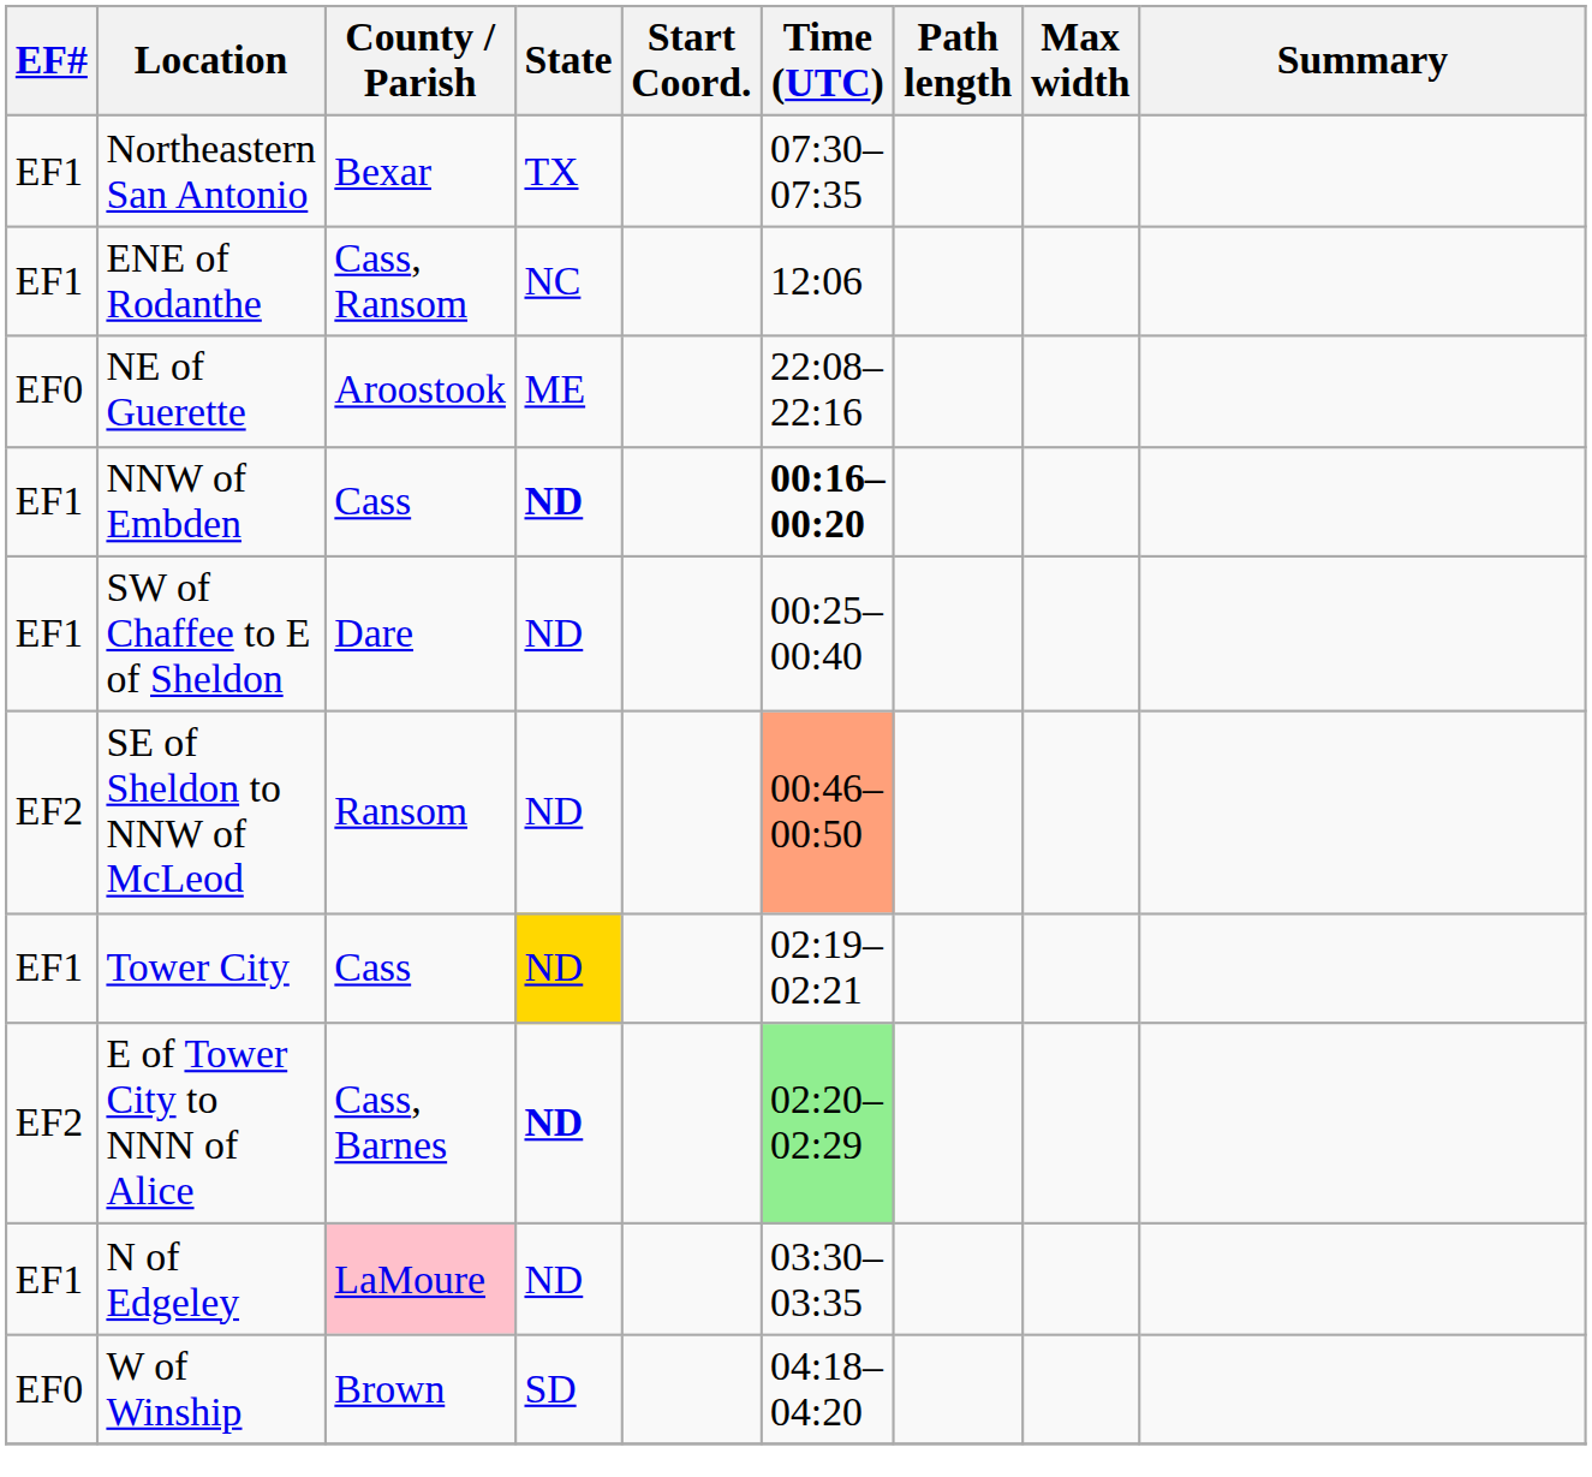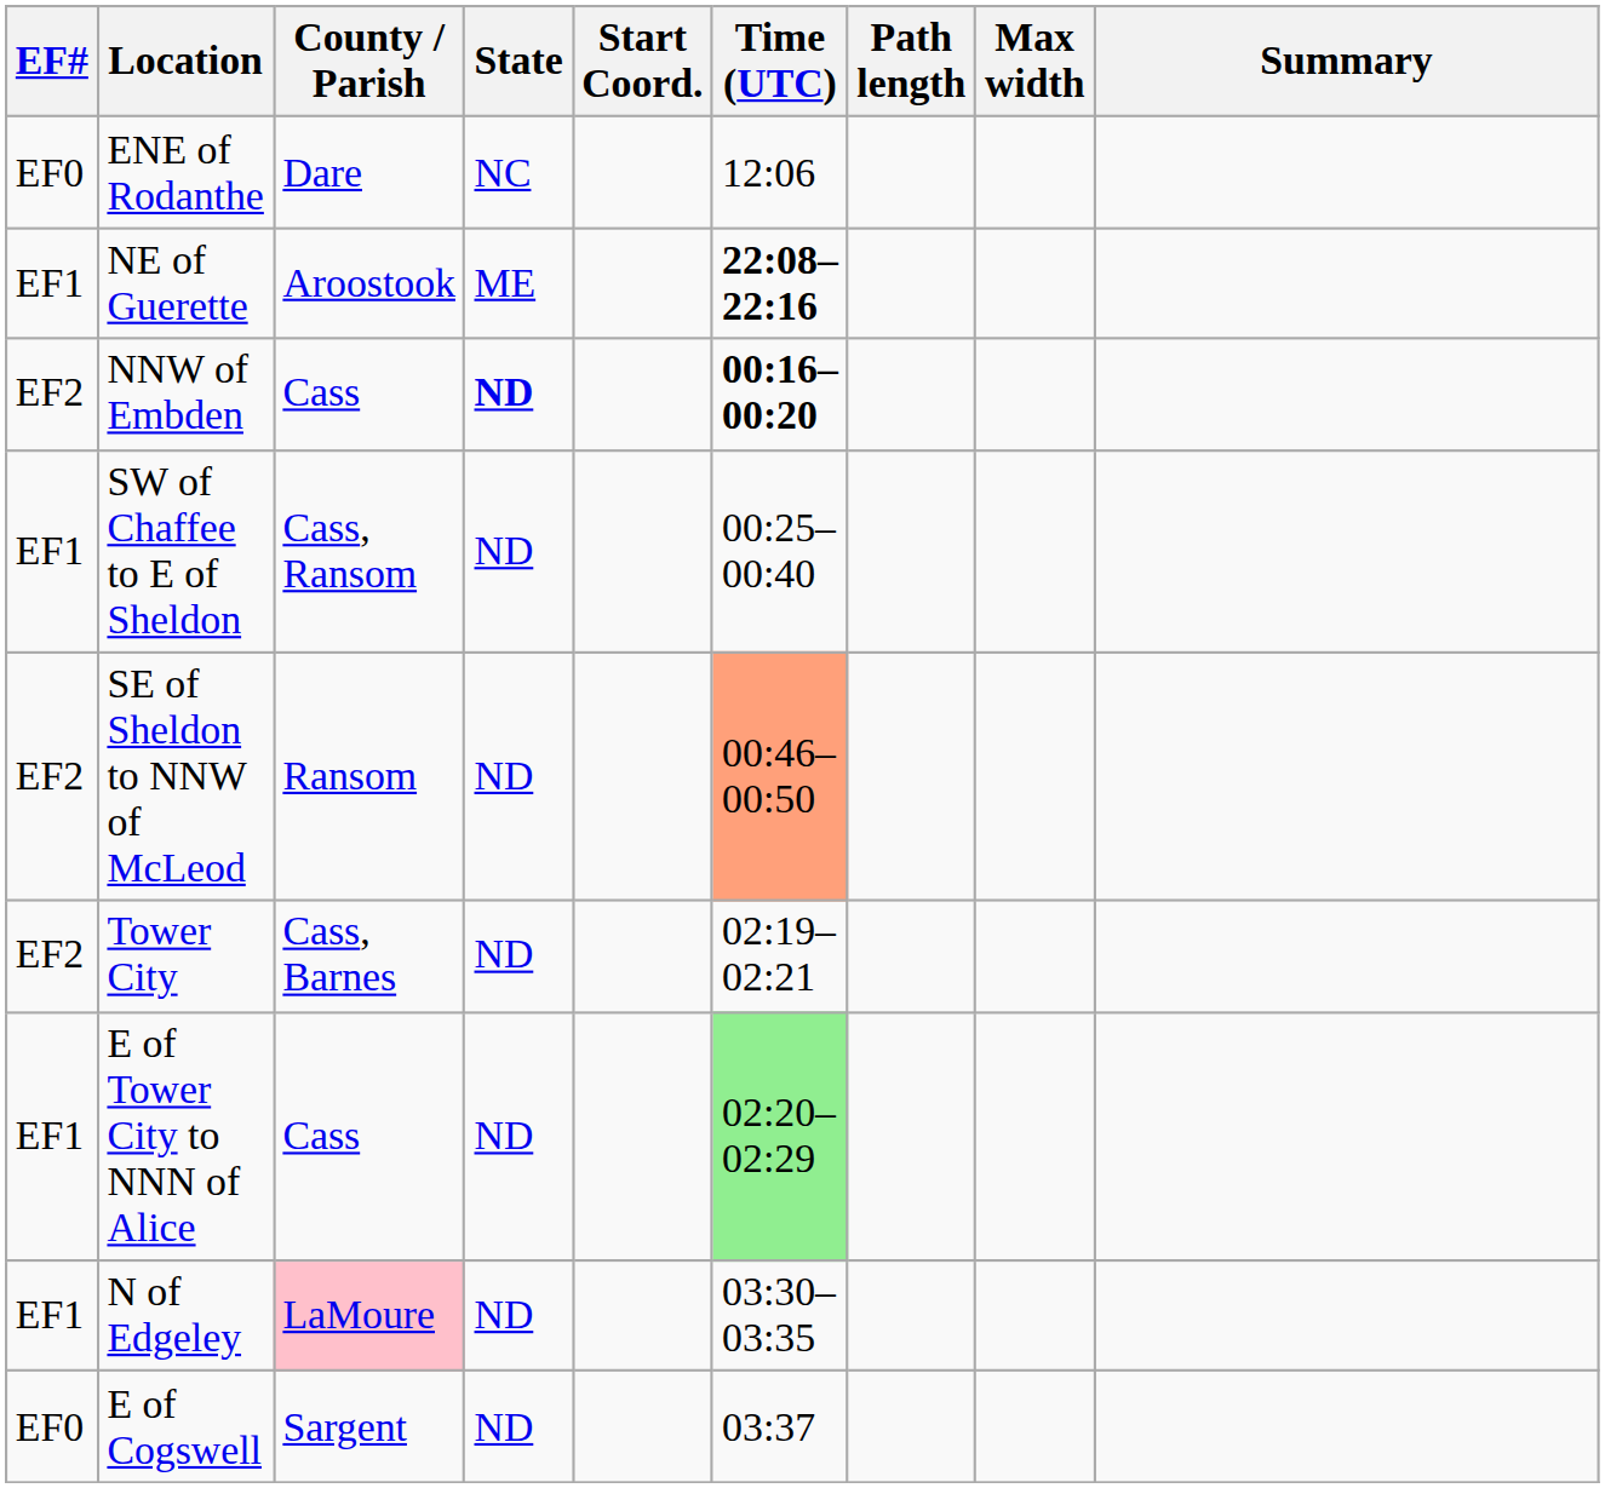 <table class="wikitable sortable" style="width:100%;">
 <tr>
 <th scope="col"  style="width:3%; text-align:center;"><a href='#'>EF#</a></th>
 <th scope="col"  style="width:7%; text-align:center;" class="unsortable">Location</th>
 <th scope="col"  style="width:6%; text-align:center;" class="unsortable">County / Parish</th>
 <th scope="col"  style="width:5%; text-align:center;">State</th>
 <th scope="col"  style="width:6%; text-align:center;">Start Coord.</th>
 <th scope="col"  style="width:6%; text-align:center;">Time (<a href='#'>UTC</a>)</th>
 <th scope="col"  style="width:6%; text-align:center;">Path length</th>
 <th scope="col"  style="width:6%; text-align:center;">Max width</th>
 <th scope="col" class="unsortable" style="width:48%; text-align:center;">Summary</th>
 </tr>
 <tr>
-<td>EF1</td>
-<td>Northeastern <a href='#'>San Antonio</a></td>
-<td><a href='#'>Bexar</a></td>
-<td><a href='#'>TX</a></td>
-<td></td>
-<td>07:30–07:35</td>
-<td></td>
-<td></td>
-<td></td>
-</tr>
-<tr>
-<td>EF1</td>
+<td>EF0</td>
 <td>ENE of <a href='#'>Rodanthe</a></td>
-<td><a href='#'>Cass</a>, <a href='#'>Ransom</a></td>
+<td><a href='#'>Dare</a></td>
 <td><a href='#'>NC</a></td>
 <td></td>
 <td>12:06</td>
 <td></td>
 <td></td>
 <td></td>
 </tr>
 <tr>
-<td>EF0</td>
+<td>EF1</td>
 <td>NE of <a href='#'>Guerette</a></td>
 <td><a href='#'>Aroostook</a></td>
 <td><a href='#'>ME</a></td>
 <td></td>
-<td>22:08–22:16</td>
+<td><strong>22:08–22:16</strong></td>
 <td></td>
 <td></td>
 <td></td>
 </tr>
 <tr>
-<td>EF1</td>
+<td>EF2</td>
 <td>NNW of <a href='#'>Embden</a></td>
 <td><a href='#'>Cass</a></td>
 <td><strong><a href='#'>ND</a></strong></td>
 <td></td>
 <td><strong>00:16–00:20</strong></td>
 <td></td>
 <td></td>
 <td></td>
 </tr>
 <tr>
 <td>EF1</td>
 <td>SW of <a href='#'>Chaffee</a> to E of <a href='#'>Sheldon</a></td>
-<td><a href='#'>Dare</a></td>
+<td><a href='#'>Cass</a>, <a href='#'>Ransom</a></td>
 <td><a href='#'>ND</a></td>
 <td></td>
 <td>00:25–00:40</td>
 <td></td>
 <td></td>
 <td></td>
 </tr>
 <tr>
 <td>EF2</td>
 <td>SE of <a href='#'>Sheldon</a> to NNW of <a href='#'>McLeod</a></td>
 <td><a href='#'>Ransom</a></td>
 <td><a href='#'>ND</a></td>
 <td></td>
 <td style="background: lightsalmon;">00:46–00:50</td>
 <td></td>
 <td></td>
 <td></td>
 </tr>
 <tr>
-<td>EF1</td>
+<td>EF2</td>
 <td><a href='#'>Tower City</a></td>
-<td><a href='#'>Cass</a></td>
-<td style="background: gold;"><a href='#'>ND</a></td>
+<td><a href='#'>Cass</a>, <a href='#'>Barnes</a></td>
+<td><a href='#'>ND</a></td>
 <td></td>
 <td>02:19–02:21</td>
 <td></td>
 <td></td>
 <td></td>
 </tr>
 <tr>
-<td>EF2</td>
+<td>EF1</td>
 <td>E of <a href='#'>Tower City</a> to NNN of <a href='#'>Alice</a></td>
-<td><a href='#'>Cass</a>, <a href='#'>Barnes</a></td>
-<td><strong><a href='#'>ND</a></strong></td>
+<td><a href='#'>Cass</a></td>
+<td><a href='#'>ND</a></td>
 <td></td>
 <td style="background: lightgreen;">02:20–02:29</td>
 <td></td>
 <td></td>
 <td></td>
 </tr>
 <tr>
 <td>EF1</td>
 <td>N of <a href='#'>Edgeley</a></td>
 <td style="background: pink;"><a href='#'>LaMoure</a></td>
 <td><a href='#'>ND</a></td>
 <td></td>
 <td>03:30–03:35</td>
 <td></td>
 <td></td>
 <td></td>
 </tr>
 <tr>
 <td>EF0</td>
-<td>W of <a href='#'>Winship</a></td>
-<td><a href='#'>Brown</a></td>
-<td><a href='#'>SD</a></td>
+<td>E of <a href='#'>Cogswell</a></td>
+<td><a href='#'>Sargent</a></td>
+<td><a href='#'>ND</a></td>
 <td></td>
-<td>04:18–04:20</td>
+<td>03:37</td>
 <td></td>
 <td></td>
 <td></td>
 </tr>
 <tr>
 </tr>
 </table>
